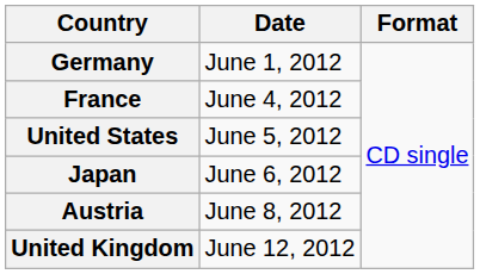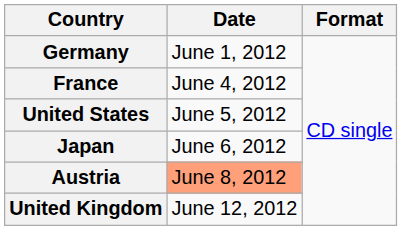 <table class="wikitable plainrowheaders">
 <tr>
 <th scope="col">Country</th>
 <th scope="col">Date</th>
 <th scope="col">Format</th>
 </tr>
 <tr>
 <th scope="row">Germany</th>
 <td>June 1, 2012</td>
 <td rowspan="6"><a href='#'>CD single</a></td>
 </tr>
 <tr>
 <th scope="row">France</th>
 <td>June 4, 2012</td>
 </tr>
 <tr>
 <th scope="row">United States</th>
 <td>June 5, 2012</td>
 </tr>
 <tr>
 <th scope="row">Japan</th>
 <td>June 6, 2012</td>
 </tr>
 <tr>
 <th scope="row">Austria</th>
-<td>June 8, 2012</td>
+<td style="background: lightsalmon;">June 8, 2012</td>
 </tr>
 <tr>
 <th scope="row">United Kingdom</th>
 <td>June 12, 2012</td>
 </tr>
 </table>
